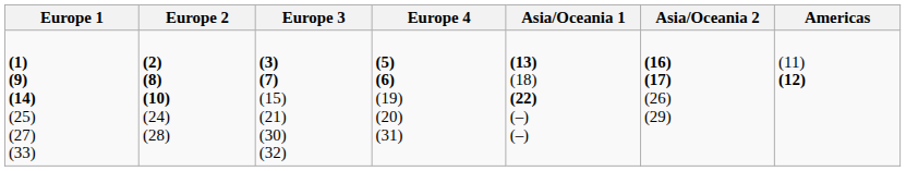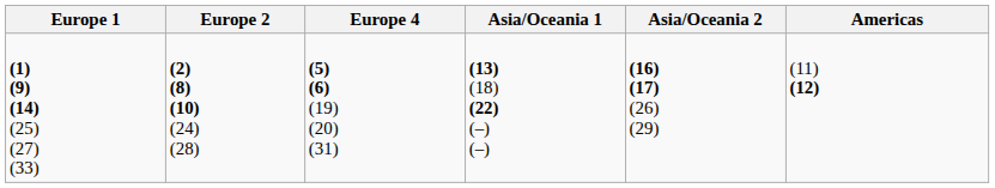 <table class="wikitable" style="width:100%;">
 <tr>
 <th width=15%><strong>Europe 1</strong></th>
 <th width=13%><strong>Europe 2</strong></th>
-<th width=13%><strong>Europe 3</strong></th>
 <th width=15%><strong>Europe 4</strong></th>
 <th width=15%><strong>Asia/Oceania 1</strong></th>
 <th width=15%><strong>Asia/Oceania 2</strong></th>
 <th width=19%><strong>Americas</strong></th>
 </tr>
 <tr>
 <td valign=top><br><strong> (1)</strong><br> <strong> (9)</strong><br> <strong> (14)</strong><br>  (25)<br>  (27)<br>  (33)</td>
 <td valign=top><br><strong> (2)</strong><br> <strong> (8)</strong><br> <strong> (10)</strong><br>  (24)<br>  (28)</td>
-<td valign=top><br><strong> (3)</strong><br> <strong> (7)</strong><br>  (15)<br>  (21)<br>  (30)<br>  (32)</td>
 <td valign=top><br><strong> (5)</strong><br> <strong> (6)</strong><br>  (19)<br>  (20)<br>  (31)</td>
 <td valign=top><br><strong> (13)</strong><br>  (18)<br> <strong> (22)</strong><br>  (–)<br> <s></s> (–)</td>
 <td valign=top><br><strong> (16)</strong><br> <strong> (17)</strong><br>  (26)<br>  (29)</td>
 <td valign=top><br> (11)<br> <strong> (12)</strong></td>
 </tr>
 </table>
